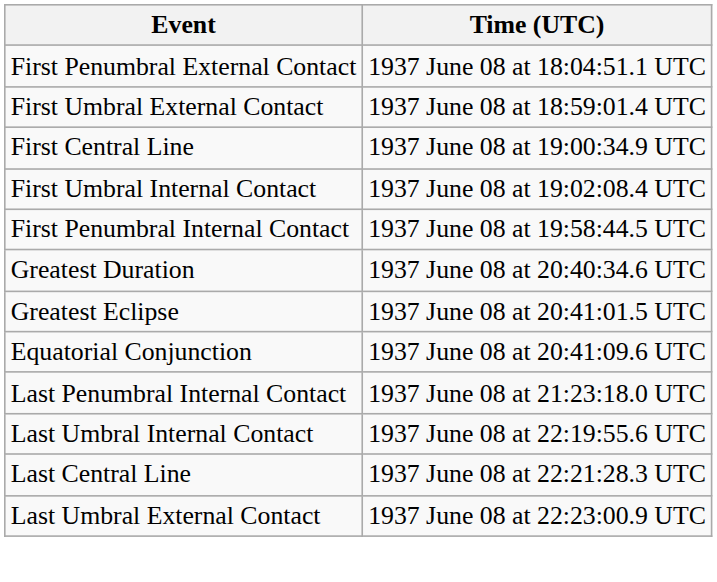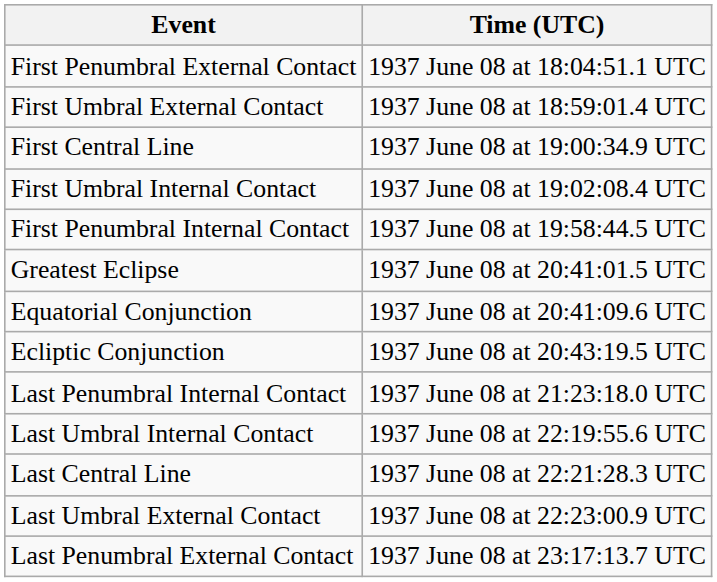 <table class="wikitable">
 <tr>
 <th>Event</th>
 <th>Time (UTC)</th>
 </tr>
 <tr>
 <td>First Penumbral External Contact</td>
 <td>1937 June 08 at 18:04:51.1 UTC</td>
 </tr>
 <tr>
 <td>First Umbral External Contact</td>
 <td>1937 June 08 at 18:59:01.4 UTC</td>
 </tr>
 <tr>
 <td>First Central Line</td>
 <td>1937 June 08 at 19:00:34.9 UTC</td>
 </tr>
 <tr>
 <td>First Umbral Internal Contact</td>
 <td>1937 June 08 at 19:02:08.4 UTC</td>
 </tr>
 <tr>
 <td>First Penumbral Internal Contact</td>
 <td>1937 June 08 at 19:58:44.5 UTC</td>
 </tr>
 <tr>
-<td>Greatest Duration</td>
-<td>1937 June 08 at 20:40:34.6 UTC</td>
-</tr>
-<tr>
 <td>Greatest Eclipse</td>
 <td>1937 June 08 at 20:41:01.5 UTC</td>
 </tr>
 <tr>
 <td>Equatorial Conjunction</td>
 <td>1937 June 08 at 20:41:09.6 UTC</td>
+</tr>
+<tr>
+<td>Ecliptic Conjunction</td>
+<td>1937 June 08 at 20:43:19.5 UTC</td>
 </tr>
 <tr>
 <td>Last Penumbral Internal Contact</td>
 <td>1937 June 08 at 21:23:18.0 UTC</td>
 </tr>
 <tr>
 <td>Last Umbral Internal Contact</td>
 <td>1937 June 08 at 22:19:55.6 UTC</td>
 </tr>
 <tr>
 <td>Last Central Line</td>
 <td>1937 June 08 at 22:21:28.3 UTC</td>
 </tr>
 <tr>
 <td>Last Umbral External Contact</td>
 <td>1937 June 08 at 22:23:00.9 UTC</td>
 </tr>
+<tr>
+<td>Last Penumbral External Contact</td>
+<td>1937 June 08 at 23:17:13.7 UTC</td>
+</tr>
 </table>
